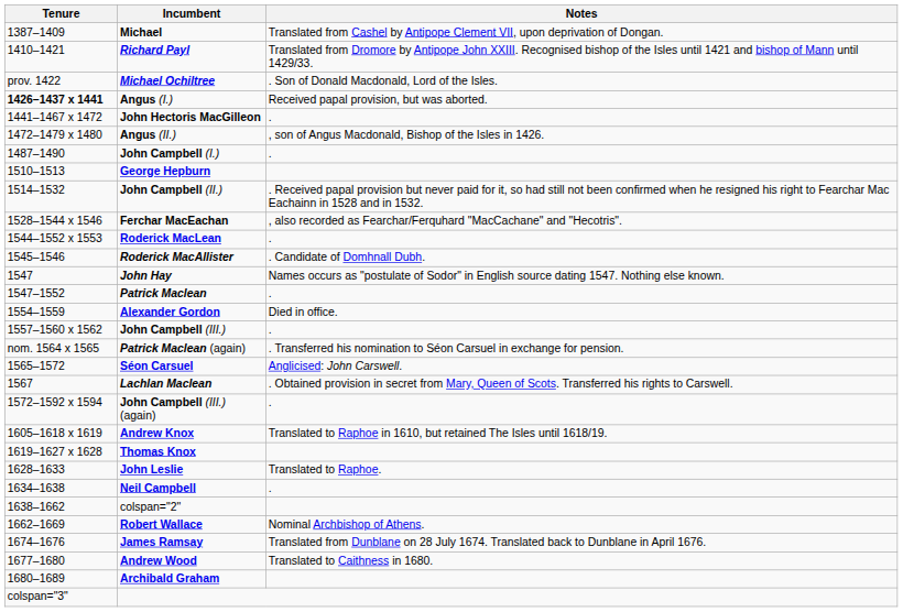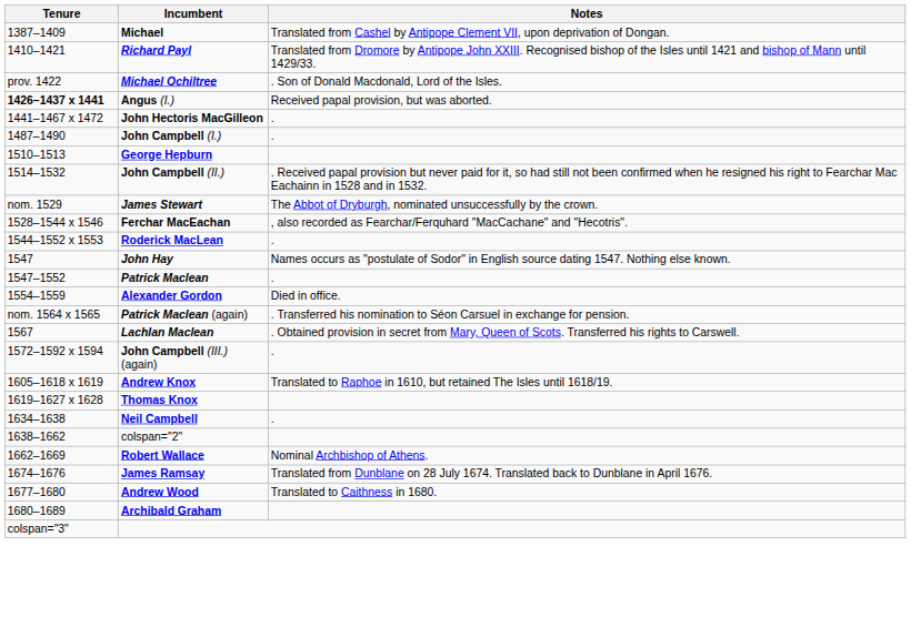 <table class="wikitable">
 <tr>
 <th width=150>Tenure</th>
 <th width=200>Incumbent</th>
 <th>Notes</th>
 </tr>
 <tr valign=top>
 <td>1387–1409</td>
 <td><strong>Michael</strong></td>
 <td>Translated from <a href='#'>Cashel</a> by <a href='#'>Antipope Clement VII</a>, upon deprivation of Dongan.</td>
 </tr>
 <tr valign=top>
 <td>1410–1421</td>
 <td><strong><em><a href='#'>Richard Payl</a></em></strong></td>
 <td>Translated from <a href='#'>Dromore</a> by <a href='#'>Antipope John XXIII</a>. Recognised bishop of the Isles until 1421 and <a href='#'>bishop of Mann</a> until 1429/33.</td>
 </tr>
 <tr valign=top>
 <td>prov. 1422</td>
 <td><strong><em><a href='#'>Michael Ochiltree</a></em></strong></td>
 <td>. Son of Donald Macdonald, Lord of the Isles.</td>
 </tr>
 <tr valign=top>
 <td><strong>1426–1437 x 1441</strong></td>
 <td><strong>Angus</strong> <em>(I.)</em></td>
 <td>Received papal provision, but was aborted.</td>
 </tr>
 <tr valign=top>
 <td>1441–1467 x 1472</td>
 <td><strong>John Hectoris MacGilleon</strong></td>
 <td>.</td>
 </tr>
 <tr valign=top>
-<td>1472–1479 x 1480</td>
-<td><strong>Angus</strong> <em>(II.)</em></td>
-<td>, son of Angus Macdonald, Bishop of the Isles in 1426.</td>
-</tr>
-<tr valign=top>
 <td>1487–1490</td>
 <td><strong>John Campbell</strong> <em>(I.)</em></td>
 <td>.</td>
 </tr>
 <tr valign=top>
 <td>1510–1513</td>
 <td><strong><a href='#'>George Hepburn</a></strong></td>
 <td></td>
 </tr>
 <tr valign=top>
 <td>1514–1532</td>
 <td><strong>John Campbell</strong> <em>(II.)</em></td>
 <td>. Received papal provision but never paid for it, so had still not been confirmed when he resigned his right to Fearchar Mac Eachainn in 1528 and in 1532.</td>
 </tr>
 <tr valign=top>
+<td>nom. 1529</td>
+<td><strong><em>James Stewart</em></strong></td>
+<td>The <a href='#'>Abbot of Dryburgh</a>, nominated unsuccessfully by the crown.</td>
+</tr>
+<tr valign=top>
 <td>1528–1544 x 1546</td>
 <td><strong>Ferchar MacEachan</strong></td>
 <td>, also recorded as Fearchar/Ferquhard "MacCachane" and "Hecotris".</td>
 </tr>
 <tr valign=top>
 <td>1544–1552 x 1553</td>
 <td><strong><a href='#'>Roderick MacLean</a></strong></td>
 <td>.</td>
-</tr>
-<tr valign=top>
-<td>1545–1546</td>
-<td><strong><em>Roderick MacAllister</em></strong></td>
-<td>. Candidate of <a href='#'>Domhnall Dubh</a>.</td>
 </tr>
 <tr valign=top>
 <td>1547</td>
 <td><strong><em>John Hay</em></strong></td>
 <td>Names occurs as "postulate of Sodor" in English source dating 1547. Nothing else known.</td>
 </tr>
 <tr valign=top>
 <td>1547–1552</td>
 <td><strong><em>Patrick Maclean</em></strong></td>
 <td>.</td>
 </tr>
 <tr valign=top>
 <td>1554–1559</td>
 <td><strong><a href='#'>Alexander Gordon</a></strong></td>
 <td>Died in office.</td>
 </tr>
 <tr valign=top>
-<td>1557–1560 x 1562</td>
-<td><strong>John Campbell</strong> <em>(III.)</em></td>
-<td>.</td>
-</tr>
-<tr valign=top>
 <td>nom. 1564 x 1565</td>
 <td><strong><em>Patrick Maclean</em></strong> (again)</td>
 <td>. Transferred his nomination to Séon Carsuel in exchange for pension.</td>
-</tr>
-<tr valign=top>
-<td>1565–1572</td>
-<td><strong><a href='#'>Séon Carsuel</a></strong></td>
-<td><a href='#'>Anglicised</a>: <em>John Carswell</em>.</td>
 </tr>
 <tr valign=top>
 <td>1567</td>
 <td><strong><em>Lachlan Maclean</em></strong></td>
 <td>. Obtained provision in secret from <a href='#'>Mary, Queen of Scots</a>. Transferred his rights to Carswell.</td>
 </tr>
 <tr valign=top>
 <td>1572–1592 x 1594</td>
 <td><strong>John Campbell</strong> <em>(III.)</em> (again)</td>
 <td>.</td>
 </tr>
 <tr valign=top>
 <td>1605–1618 x 1619</td>
 <td><strong><a href='#'>Andrew Knox</a></strong></td>
 <td>Translated to <a href='#'>Raphoe</a> in 1610, but retained The Isles until 1618/19.</td>
 </tr>
 <tr valign=top>
 <td>1619–1627 x 1628</td>
 <td><strong><a href='#'>Thomas Knox</a></strong></td>
 <td></td>
-</tr>
-<tr valign=top>
-<td>1628–1633</td>
-<td><strong><a href='#'>John Leslie</a></strong></td>
-<td>Translated to <a href='#'>Raphoe</a>.</td>
 </tr>
 <tr valign=top>
 <td>1634–1638</td>
 <td><strong><a href='#'>Neil Campbell</a></strong></td>
 <td>.</td>
 </tr>
 <tr valign=top>
 <td>1638–1662</td>
 <td>colspan="2" </td>
 </tr>
 <tr valign=top>
 <td>1662–1669</td>
 <td><strong><a href='#'>Robert Wallace</a></strong></td>
 <td>Nominal <a href='#'>Archbishop of Athens</a>.</td>
 </tr>
 <tr valign=top>
 <td>1674–1676</td>
 <td><strong><a href='#'>James Ramsay</a></strong></td>
 <td>Translated from <a href='#'>Dunblane</a> on 28 July 1674. Translated back to Dunblane in April 1676.</td>
 </tr>
 <tr valign=top>
 <td>1677–1680</td>
 <td><strong><a href='#'>Andrew Wood</a></strong></td>
 <td>Translated to <a href='#'>Caithness</a> in 1680.</td>
 </tr>
 <tr valign=top>
 <td>1680–1689</td>
 <td><strong><a href='#'>Archibald Graham</a></strong></td>
 <td></td>
 </tr>
 <tr valign=top>
 <td>colspan="3" </td>
 </tr>
 </table>
